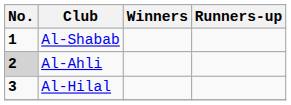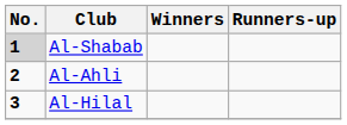 <table class="wikitable">
 <tr>
 <th>No.</th>
 <th>Club</th>
 <th>Winners</th>
 <th>Runners-up</th>
 </tr>
 <tr>
-<td><strong>1</strong></td>
+<td style="background: lightgrey;"><strong>1</strong></td>
 <td><a href='#'>Al-Shabab</a></td>
 <td></td>
 <td></td>
 </tr>
 <tr>
-<td style="background: lightgrey;"><strong>2</strong></td>
+<td><strong>2</strong></td>
 <td><a href='#'>Al-Ahli</a></td>
 <td></td>
 <td></td>
 </tr>
 <tr>
 <td><strong>3</strong></td>
 <td><a href='#'>Al-Hilal</a></td>
 <td></td>
 <td></td>
 </tr>
 <tr>
 </tr>
 </table>
